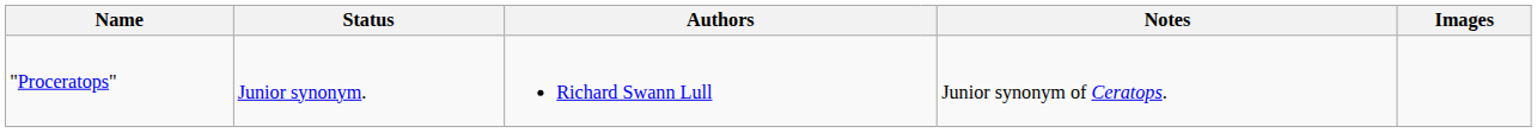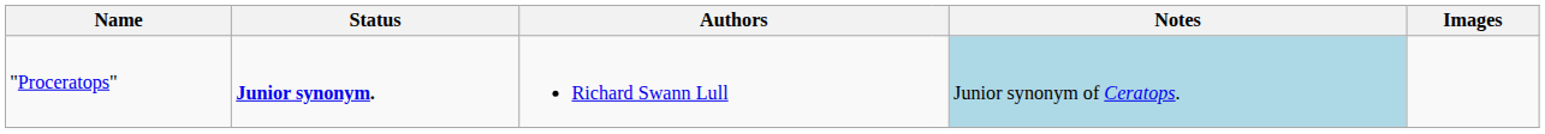 <table class="wikitable sortable" align="center" width="100%">
 <tr>
 <th>Name</th>
 <th>Status</th>
 <th colspan="2">Authors</th>
 <th class="unsortable">Notes</th>
 <th class="unsortable">Images</th>
 </tr>
 <tr>
 <td>"<a href='#'>Proceratops</a>"</td>
-<td><br><a href='#'>Junior synonym</a>.</td>
+<td><strong><br><a href='#'>Junior synonym</a>.</strong></td>
 <td style="border-right:0px" valign="top"><br><ul><li><a href='#'>Richard Swann Lull</a></li></ul></td>
 <td style="border-left:0px" valign="top"></td>
-<td><br>Junior synonym of <em><a href='#'>Ceratops</a></em>.</td>
+<td style="background: lightblue;"><br>Junior synonym of <em><a href='#'>Ceratops</a></em>.</td>
 </tr>
 <tr>
 </tr>
 </table>
